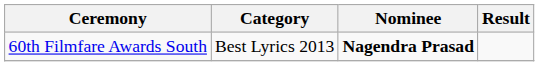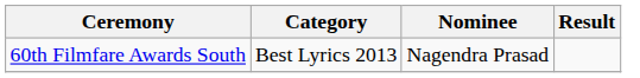 <table class="wikitable">
 <tr>
 <th>Ceremony</th>
 <th>Category</th>
 <th>Nominee</th>
 <th>Result</th>
 </tr>
 <tr>
 <td rowspan="1"><a href='#'>60th Filmfare Awards South</a></td>
 <td>Best Lyrics 2013</td>
-<td><strong>Nagendra Prasad</strong></td>
+<td>Nagendra Prasad</td>
 <td></td>
 </tr>
 <tr>
 </tr>
 <tr>
 </tr>
 </table>
